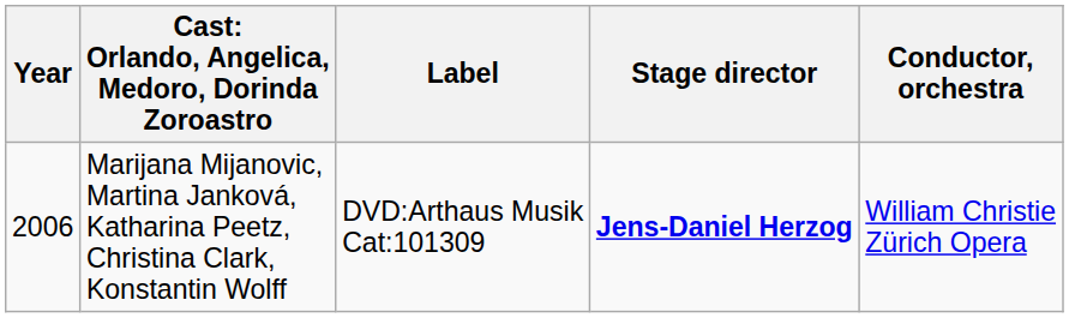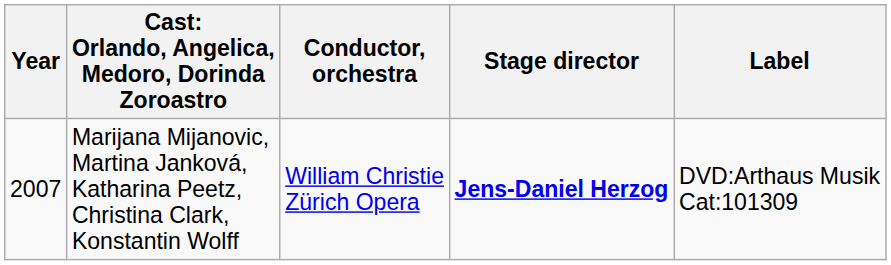 <table class="wikitable">
 <tr>
 <th>Year</th>
 <th>Cast:<br>Orlando, Angelica, <br>Medoro, Dorinda<br>Zoroastro</th>
+<th>Conductor,<br>orchestra</th>
+<th>Stage director</th>
 <th>Label</th>
-<th>Stage director</th>
-<th>Conductor,<br>orchestra</th>
 </tr>
 <tr>
-<td>2006</td>
+<td>2007</td>
 <td>Marijana Mijanovic,<br>Martina Janková,<br>Katharina Peetz,<br>Christina Clark,<br>Konstantin Wolff</td>
+<td><a href='#'>William Christie</a><br><a href='#'>Zürich Opera</a></td>
+<td><strong><a href='#'>Jens-Daniel Herzog</a></strong></td>
 <td>DVD:Arthaus Musik<br>Cat:101309</td>
-<td><strong><a href='#'>Jens-Daniel Herzog</a></strong></td>
-<td><a href='#'>William Christie</a><br><a href='#'>Zürich Opera</a></td>
 </tr>
 </table>
